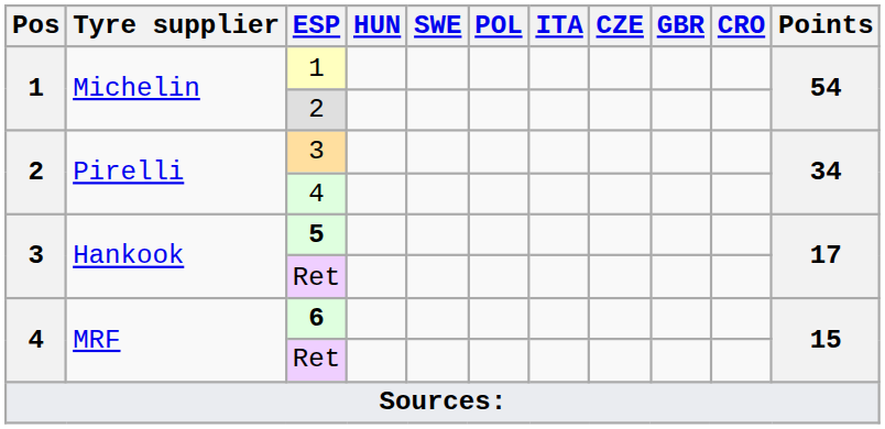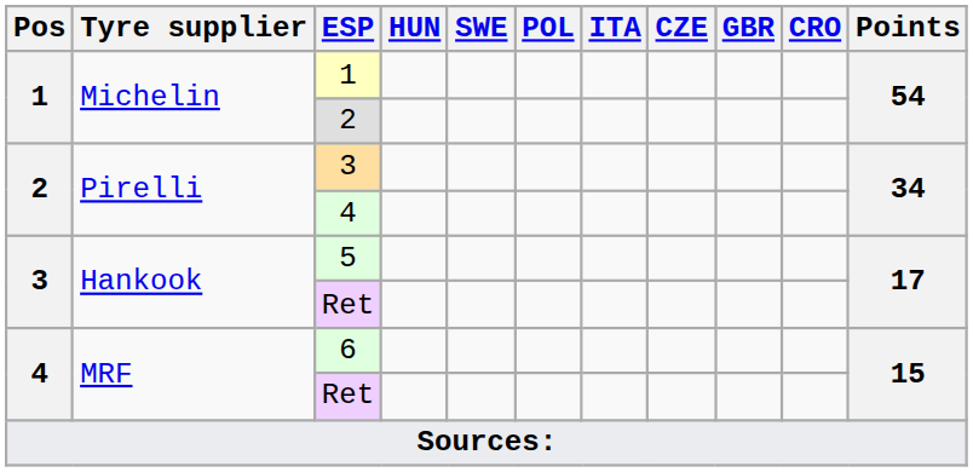 <table class="wikitable" style="font-size: 85%; text-align: center">
 <tr valign="top">
 <th valign="middle">Pos</th>
 <th valign="middle">Tyre supplier</th>
 <th><a href='#'>ESP</a><br></th>
 <th><a href='#'>HUN</a><br></th>
 <th><a href='#'>SWE</a><br></th>
 <th><a href='#'>POL</a><br></th>
 <th><a href='#'>ITA</a><br></th>
 <th><a href='#'>CZE</a><br></th>
 <th><a href='#'>GBR</a><br></th>
 <th><a href='#'>CRO</a><br></th>
 <th valign="middle">Points</th>
 </tr>
 <tr>
 <th rowspan="2">1</th>
 <td rowspan="2" align="left"> <a href='#'>Michelin</a></td>
 <td style="background:#FFFFBF;">1</td>
 <td></td>
 <td></td>
 <td></td>
 <td></td>
 <td></td>
 <td></td>
 <td></td>
 <th rowspan="2">54</th>
 </tr>
 <tr>
 <td style="background:#DFDFDF;">2</td>
 <td></td>
 <td></td>
 <td></td>
 <td></td>
 <td></td>
 <td></td>
 <td></td>
 </tr>
 <tr>
 <th rowspan="2">2</th>
 <td rowspan="2" align="left"> <a href='#'>Pirelli</a></td>
 <td style="background:#FFDF9F;">3</td>
 <td></td>
 <td></td>
 <td></td>
 <td></td>
 <td></td>
 <td></td>
 <td></td>
 <th rowspan="2">34</th>
 </tr>
 <tr>
 <td style="background:#DFFFDF;">4</td>
 <td></td>
 <td></td>
 <td></td>
 <td></td>
 <td></td>
 <td></td>
 <td></td>
 </tr>
 <tr>
 <th rowspan="2">3</th>
 <td rowspan="2" align="left"> <a href='#'>Hankook</a></td>
-<td style="background:#DFFFDF;"><strong>5</strong></td>
+<td style="background:#DFFFDF;">5</td>
 <td></td>
 <td></td>
 <td></td>
 <td></td>
 <td></td>
 <td></td>
 <td></td>
 <th rowspan="2">17</th>
 </tr>
 <tr>
 <td style="background:#EFCFFF;">Ret</td>
 <td></td>
 <td></td>
 <td></td>
 <td></td>
 <td></td>
 <td></td>
 <td></td>
 </tr>
 <tr>
 <th rowspan="2">4</th>
 <td rowspan="2" align="left"> <a href='#'>MRF</a></td>
-<td style="background:#DFFFDF;"><strong>6</strong></td>
+<td style="background:#DFFFDF;">6</td>
 <td></td>
 <td></td>
 <td></td>
 <td></td>
 <td></td>
 <td></td>
 <td></td>
 <th rowspan="2">15</th>
 </tr>
 <tr>
 <td style="background:#EFCFFF;">Ret</td>
 <td></td>
 <td></td>
 <td></td>
 <td></td>
 <td></td>
 <td></td>
 <td></td>
 </tr>
 <tr>
 <td colspan="12" style="background-color:#EAECF0;text-align:center"><strong>Sources:</strong></td>
 </tr>
 </table>
